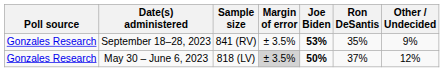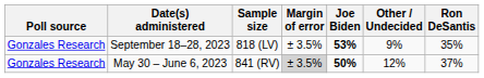 <table class="wikitable sortable mw-datatable" style="font-size:90%;text-align:center;line-height:17px">
 <tr valign=bottom>
 <th>Poll source</th>
 <th>Date(s)<br>administered</th>
 <th>Sample<br>size</th>
 <th>Margin<br>of error</th>
 <th class="unsortable">Joe<br>Biden<br></th>
+<th class="unsortable">Other /<br>Undecided</th>
 <th class="unsortable">Ron<br>DeSantis<br></th>
-<th class="unsortable">Other /<br>Undecided</th>
 </tr>
 <tr>
 <td style="text-align:left;"><a href='#'>Gonzales Research</a></td>
 <td data-sort-value=2023-09-28>September 18–28, 2023</td>
-<td>841 (RV)</td>
+<td>818 (LV)</td>
 <td>± 3.5%</td>
 <td style="color:black;background-color:"><strong>53%</strong></td>
+<td>9%</td>
 <td>35%</td>
-<td>9%</td>
 </tr>
 <tr>
 <td style="text-align:left;"><a href='#'>Gonzales Research</a></td>
 <td data-sort-value=2023-06-06>May 30 – June 6, 2023</td>
-<td>818 (LV)</td>
+<td>841 (RV)</td>
 <td style="background: lightgrey;">± 3.5%</td>
 <td style="color:black;background-color:"><strong>50%</strong></td>
+<td>12%</td>
 <td>37%</td>
-<td>12%</td>
 </tr>
 </table>
